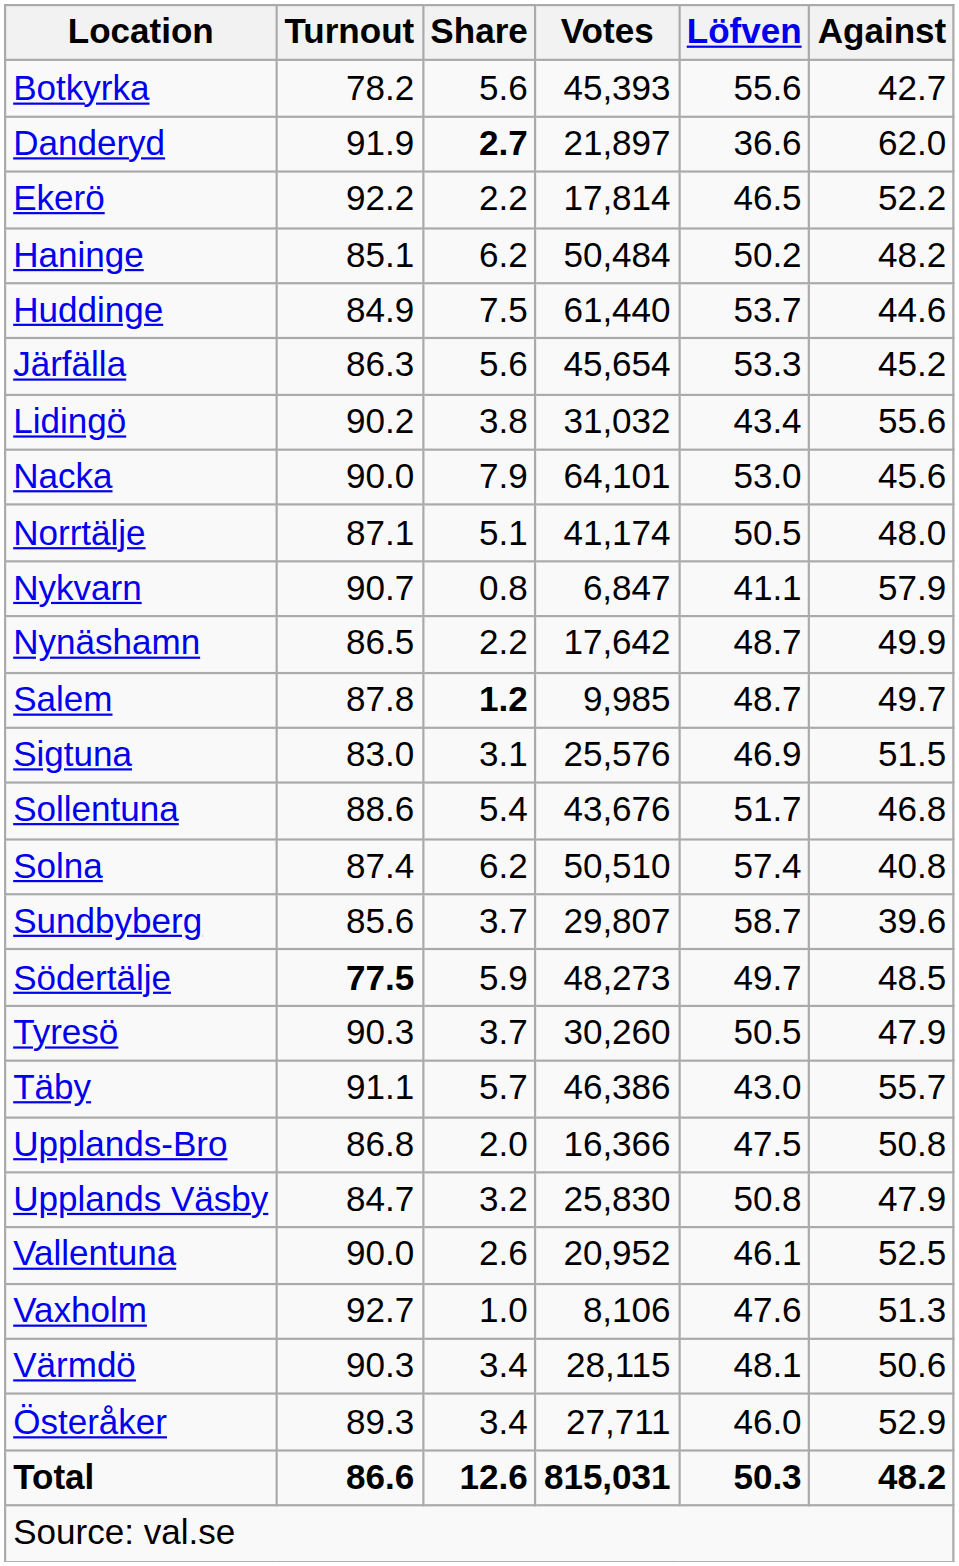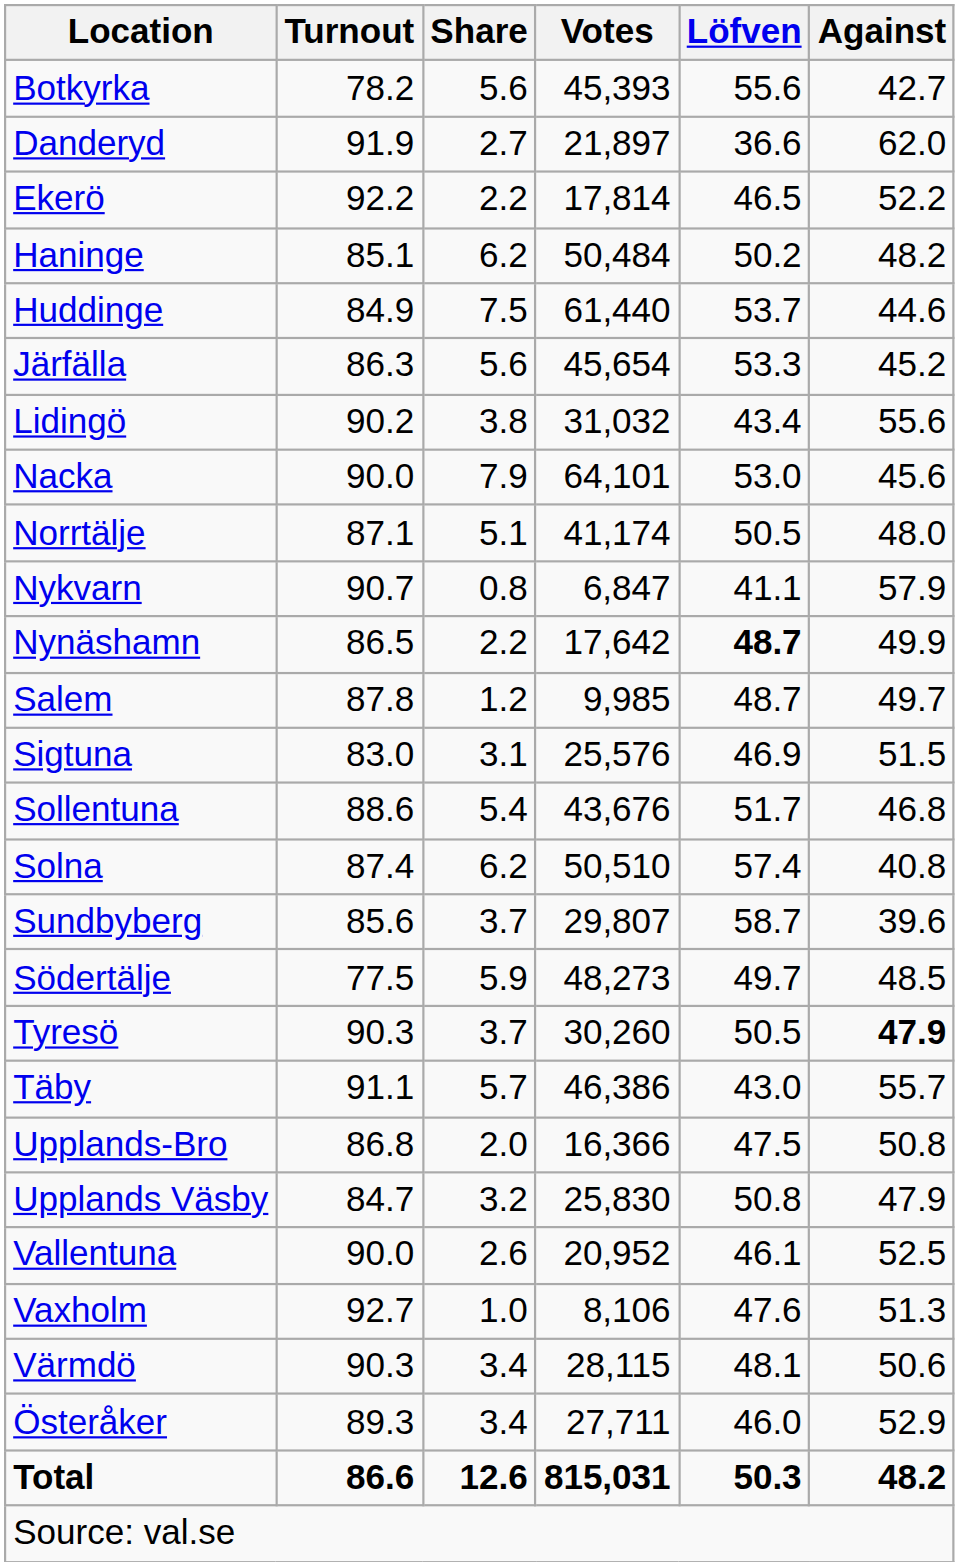 <table class="wikitable sortable" style=text-align:right>
 <tr>
 <th>Location</th>
 <th>Turnout</th>
 <th>Share</th>
 <th>Votes</th>
 <th><a href='#'>Löfven</a></th>
 <th>Against</th>
 </tr>
 <tr>
 <td align=left><a href='#'>Botkyrka</a></td>
 <td>78.2</td>
 <td>5.6</td>
 <td>45,393</td>
 <td>55.6</td>
 <td>42.7</td>
 </tr>
 <tr>
 <td align=left><a href='#'>Danderyd</a></td>
 <td>91.9</td>
-<td><strong>2.7</strong></td>
+<td>2.7</td>
 <td>21,897</td>
 <td>36.6</td>
 <td>62.0</td>
 </tr>
 <tr>
 <td align=left><a href='#'>Ekerö</a></td>
 <td>92.2</td>
 <td>2.2</td>
 <td>17,814</td>
 <td>46.5</td>
 <td>52.2</td>
 </tr>
 <tr>
 <td align=left><a href='#'>Haninge</a></td>
 <td>85.1</td>
 <td>6.2</td>
 <td>50,484</td>
 <td>50.2</td>
 <td>48.2</td>
 </tr>
 <tr>
 <td align=left><a href='#'>Huddinge</a></td>
 <td>84.9</td>
 <td>7.5</td>
 <td>61,440</td>
 <td>53.7</td>
 <td>44.6</td>
 </tr>
 <tr>
 <td align=left><a href='#'>Järfälla</a></td>
 <td>86.3</td>
 <td>5.6</td>
 <td>45,654</td>
 <td>53.3</td>
 <td>45.2</td>
 </tr>
 <tr>
 <td align=left><a href='#'>Lidingö</a></td>
 <td>90.2</td>
 <td>3.8</td>
 <td>31,032</td>
 <td>43.4</td>
 <td>55.6</td>
 </tr>
 <tr>
 <td align=left><a href='#'>Nacka</a></td>
 <td>90.0</td>
 <td>7.9</td>
 <td>64,101</td>
 <td>53.0</td>
 <td>45.6</td>
 </tr>
 <tr>
 <td align=left><a href='#'>Norrtälje</a></td>
 <td>87.1</td>
 <td>5.1</td>
 <td>41,174</td>
 <td>50.5</td>
 <td>48.0</td>
 </tr>
 <tr>
 <td align=left><a href='#'>Nykvarn</a></td>
 <td>90.7</td>
 <td>0.8</td>
 <td>6,847</td>
 <td>41.1</td>
 <td>57.9</td>
 </tr>
 <tr>
 <td align=left><a href='#'>Nynäshamn</a></td>
 <td>86.5</td>
 <td>2.2</td>
 <td>17,642</td>
-<td>48.7</td>
+<td><strong>48.7</strong></td>
 <td>49.9</td>
 </tr>
 <tr>
 <td align=left><a href='#'>Salem</a></td>
 <td>87.8</td>
-<td><strong>1.2</strong></td>
+<td>1.2</td>
 <td>9,985</td>
 <td>48.7</td>
 <td>49.7</td>
 </tr>
 <tr>
 <td align=left><a href='#'>Sigtuna</a></td>
 <td>83.0</td>
 <td>3.1</td>
 <td>25,576</td>
 <td>46.9</td>
 <td>51.5</td>
 </tr>
 <tr>
 <td align=left><a href='#'>Sollentuna</a></td>
 <td>88.6</td>
 <td>5.4</td>
 <td>43,676</td>
 <td>51.7</td>
 <td>46.8</td>
 </tr>
 <tr>
 <td align=left><a href='#'>Solna</a></td>
 <td>87.4</td>
 <td>6.2</td>
 <td>50,510</td>
 <td>57.4</td>
 <td>40.8</td>
 </tr>
 <tr>
 <td align=left><a href='#'>Sundbyberg</a></td>
 <td>85.6</td>
 <td>3.7</td>
 <td>29,807</td>
 <td>58.7</td>
 <td>39.6</td>
 </tr>
 <tr>
 <td align=left><a href='#'>Södertälje</a></td>
-<td><strong>77.5</strong></td>
+<td>77.5</td>
 <td>5.9</td>
 <td>48,273</td>
 <td>49.7</td>
 <td>48.5</td>
 </tr>
 <tr>
 <td align=left><a href='#'>Tyresö</a></td>
 <td>90.3</td>
 <td>3.7</td>
 <td>30,260</td>
 <td>50.5</td>
-<td>47.9</td>
+<td><strong>47.9</strong></td>
 </tr>
 <tr>
 <td align=left><a href='#'>Täby</a></td>
 <td>91.1</td>
 <td>5.7</td>
 <td>46,386</td>
 <td>43.0</td>
 <td>55.7</td>
 </tr>
 <tr>
 <td align=left><a href='#'>Upplands-Bro</a></td>
 <td>86.8</td>
 <td>2.0</td>
 <td>16,366</td>
 <td>47.5</td>
 <td>50.8</td>
 </tr>
 <tr>
 <td align=left><a href='#'>Upplands Väsby</a></td>
 <td>84.7</td>
 <td>3.2</td>
 <td>25,830</td>
 <td>50.8</td>
 <td>47.9</td>
 </tr>
 <tr>
 <td align=left><a href='#'>Vallentuna</a></td>
 <td>90.0</td>
 <td>2.6</td>
 <td>20,952</td>
 <td>46.1</td>
 <td>52.5</td>
 </tr>
 <tr>
 <td align=left><a href='#'>Vaxholm</a></td>
 <td>92.7</td>
 <td>1.0</td>
 <td>8,106</td>
 <td>47.6</td>
 <td>51.3</td>
 </tr>
 <tr>
 <td align=left><a href='#'>Värmdö</a></td>
 <td>90.3</td>
 <td>3.4</td>
 <td>28,115</td>
 <td>48.1</td>
 <td>50.6</td>
 </tr>
 <tr>
 <td align=left><a href='#'>Österåker</a></td>
 <td>89.3</td>
 <td>3.4</td>
 <td>27,711</td>
 <td>46.0</td>
 <td>52.9</td>
 </tr>
 <tr>
 <td align=left><strong>Total</strong></td>
 <td><strong>86.6</strong></td>
 <td><strong>12.6</strong></td>
 <td><strong>815,031</strong></td>
 <td><strong>50.3</strong></td>
 <td><strong>48.2</strong></td>
 </tr>
 <tr>
 <td align=left colspan=6>Source: val.se</td>
 </tr>
 </table>
